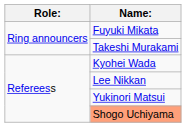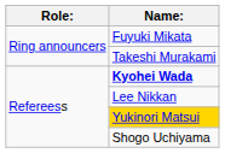 <table class=wikitable style="font-size:90%; margin: 0.5em 0 0.5em 1em; float: right; clear: right;">
 <tr>
 <th>Role:</th>
 <th>Name:</th>
 </tr>
 <tr>
 <td rowspan=2><a href='#'>Ring announcers</a></td>
 <td><a href='#'>Fuyuki Mikata</a></td>
 </tr>
 <tr>
 <td><a href='#'>Takeshi Murakami</a></td>
 </tr>
 <tr>
 <td rowspan=4><a href='#'>Referees</a>s</td>
-<td><a href='#'>Kyohei Wada</a></td>
+<td><strong><a href='#'>Kyohei Wada</a></strong></td>
 </tr>
 <tr>
 <td><a href='#'>Lee Nikkan</a></td>
 </tr>
 <tr>
-<td><a href='#'>Yukinori Matsui</a></td>
+<td style="background: gold;"><a href='#'>Yukinori Matsui</a></td>
 </tr>
 <tr>
-<td style="background: lightsalmon;">Shogo Uchiyama</td>
+<td>Shogo Uchiyama</td>
 </tr>
 </table>
